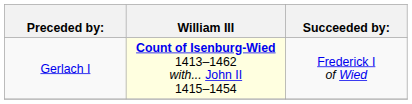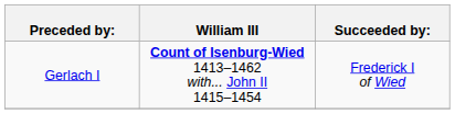 <table class="wikitable" style="margin:1em auto;">
 <tr align="center">
 <th width=150px><br>Preceded by:</th>
 <th width=200px><br>William III</th>
 <th width=150px><br>Succeeded by:</th>
 </tr>
 <tr align="center">
 <td><a href='#'>Gerlach I</a></td>
-<td width=150px style="background: lightyellow;"><strong><a href='#'>Count of Isenburg-Wied</a></strong><br>1413–1462<br><em>with...</em> <a href='#'>John II</a><br>1415–1454</td>
+<td width=150px><strong><a href='#'>Count of Isenburg-Wied</a></strong><br>1413–1462<br><em>with...</em> <a href='#'>John II</a><br>1415–1454</td>
 <td><a href='#'>Frederick I</a><br><em>of <a href='#'>Wied</a></em></td>
 </tr>
 <tr>
 </tr>
 </table>
